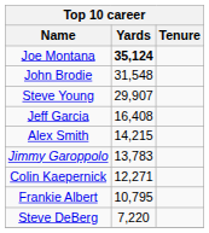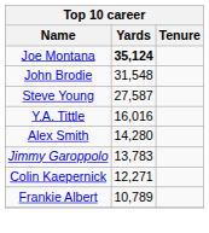 <table class="wikitable" style="text-align:center">
 <tr>
 <th colspan="3"><strong>Top 10 career</strong></th>
 </tr>
 <tr>
 <th><strong>Name</strong></th>
 <th><strong>Yards</strong></th>
 <th><strong>Tenure</strong></th>
 </tr>
 <tr>
 <td><a href='#'>Joe Montana</a></td>
 <td><strong>35,124</strong></td>
 <td></td>
 </tr>
 <tr>
 <td><a href='#'>John Brodie</a></td>
 <td>31,548</td>
 <td></td>
 </tr>
 <tr>
 <td><a href='#'>Steve Young</a></td>
-<td>29,907</td>
+<td>27,587</td>
 <td></td>
 </tr>
 <tr>
-<td><a href='#'>Jeff Garcia</a></td>
-<td>16,408</td>
+<td><a href='#'>Y.A. Tittle</a></td>
+<td>16,016</td>
 <td></td>
 </tr>
 <tr>
 <td><a href='#'>Alex Smith</a></td>
-<td>14,215</td>
+<td>14,280</td>
 <td></td>
 </tr>
 <tr>
 <td><em><a href='#'>Jimmy Garoppolo</a></em></td>
 <td>13,783</td>
 <td></td>
 </tr>
 <tr>
 <td><a href='#'>Colin Kaepernick</a></td>
 <td>12,271</td>
 <td></td>
 </tr>
 <tr>
 <td><a href='#'>Frankie Albert</a></td>
-<td>10,795</td>
-<td></td>
-</tr>
-<tr>
-<td><a href='#'>Steve DeBerg</a></td>
-<td>7,220</td>
+<td>10,789</td>
 <td></td>
 </tr>
 <tr>
 </tr>
 </table>
